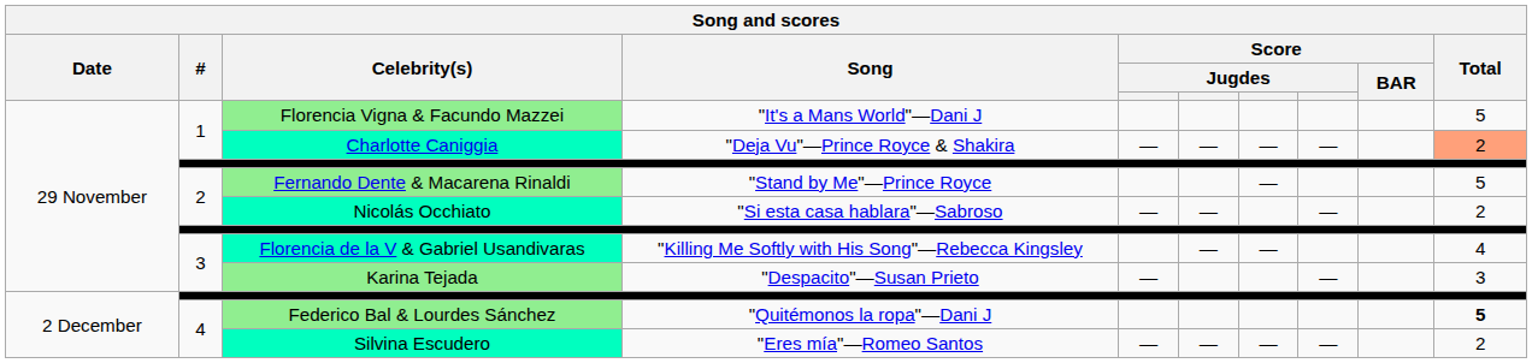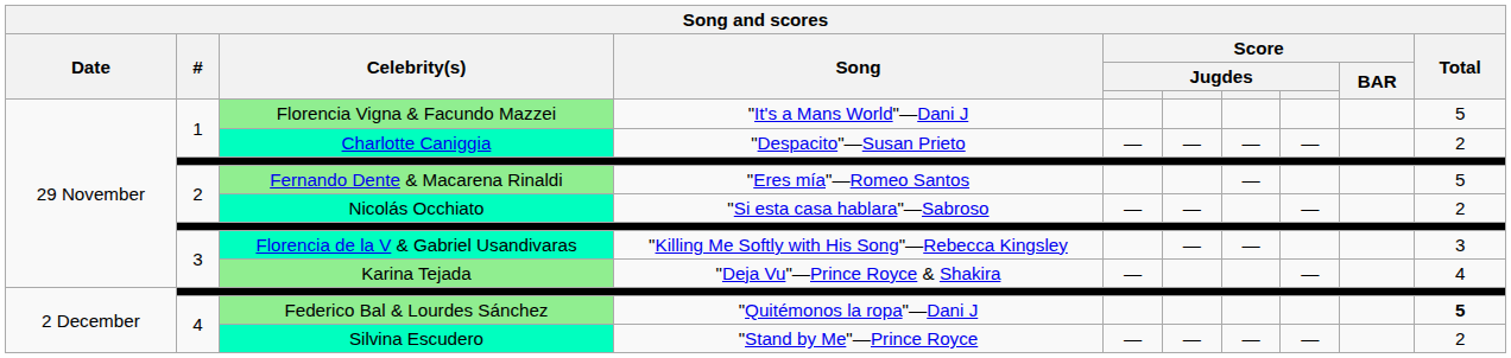 <table class="wikitable collapsible collapsed" style="font-size:95%; text-align: center; width: 100%;">
 <tr>
 <th colspan="11" style="with: 100%;" align=center>Song and scores</th>
 </tr>
 <tr>
 <th rowspan="3" width="100">Date</th>
 <th rowspan="3" width="20">#</th>
 <th rowspan="3" width="240">Celebrity(s)</th>
 <th rowspan="3" width="300">Song</th>
 <th colspan="5">Score</th>
 <th rowspan="3" width="50">Total</th>
 </tr>
 <tr>
 <th colspan="4">Jugdes</th>
 <th rowspan="2" width=40>BAR<br></th>
 </tr>
 <tr>
 <th width=30></th>
 <th width=30></th>
 <th width=30></th>
 <th width=30></th>
 </tr>
 <tr>
 <td rowspan="8">29 November</td>
 <td rowspan="2">1</td>
 <td bgcolor="lightgreen">Florencia Vigna & Facundo Mazzei</td>
 <td>"<a href='#'>It's a Mans World</a>"—<a href='#'>Dani J</a></td>
 <td></td>
 <td></td>
 <td></td>
 <td></td>
 <td> </td>
 <td>5</td>
 </tr>
 <tr>
 <td bgcolor="#00FFBF"><a href='#'>Charlotte Caniggia</a></td>
-<td>"<a href='#'>Deja Vu</a>"—<a href='#'>Prince Royce</a> & <a href='#'>Shakira</a></td>
+<td>"<a href='#'>Despacito</a>"—<a href='#'>Susan Prieto</a></td>
 <td>—</td>
 <td>—</td>
 <td>—</td>
 <td>—</td>
 <td> </td>
-<td style="background: lightsalmon;">2</td>
+<td>2</td>
 </tr>
 <tr>
 <td style="background:black" colspan=19></td>
 </tr>
 <tr>
 <td rowspan="2">2</td>
 <td bgcolor="lightgreen"><a href='#'>Fernando Dente</a> & Macarena Rinaldi</td>
-<td>"<a href='#'>Stand by Me</a>"—<a href='#'>Prince Royce</a></td>
+<td>"<a href='#'>Eres mía</a>"—<a href='#'>Romeo Santos</a></td>
 <td></td>
 <td></td>
 <td>—</td>
 <td></td>
 <td> </td>
 <td>5</td>
 </tr>
 <tr>
 <td bgcolor="#00FFBF">Nicolás Occhiato</td>
 <td>"<a href='#'>Si esta casa hablara</a>"—<a href='#'>Sabroso</a></td>
 <td>—</td>
 <td>—</td>
 <td></td>
 <td>—</td>
 <td> </td>
 <td>2</td>
 </tr>
 <tr>
 <td style="background:black" colspan=19></td>
 </tr>
 <tr>
 <td rowspan="2">3</td>
 <td bgcolor="#00FFBF"><a href='#'>Florencia de la V</a> & Gabriel Usandivaras</td>
 <td>"<a href='#'>Killing Me Softly with His Song</a>"—<a href='#'>Rebecca Kingsley</a></td>
 <td></td>
 <td>—</td>
 <td>—</td>
 <td></td>
 <td> </td>
-<td>4</td>
+<td>3</td>
 </tr>
 <tr>
 <td bgcolor="lightgreen">Karina Tejada</td>
-<td>"<a href='#'>Despacito</a>"—<a href='#'>Susan Prieto</a></td>
+<td>"<a href='#'>Deja Vu</a>"—<a href='#'>Prince Royce</a> & <a href='#'>Shakira</a></td>
 <td>—</td>
 <td></td>
 <td></td>
 <td>—</td>
 <td> </td>
-<td>3</td>
+<td>4</td>
 </tr>
 <tr>
 <td rowspan="4">2 December</td>
 </tr>
 <tr>
 <td style="background:black" colspan=19></td>
 </tr>
 <tr>
 <td rowspan="2">4</td>
 <td bgcolor="lightgreen">Federico Bal & Lourdes Sánchez</td>
 <td>"<a href='#'>Quitémonos la ropa</a>"—<a href='#'>Dani J</a></td>
 <td></td>
 <td></td>
 <td></td>
 <td></td>
 <td> </td>
 <td><strong>5</strong></td>
 </tr>
 <tr>
 <td bgcolor="#00FFBF">Silvina Escudero</td>
-<td>"<a href='#'>Eres mía</a>"—<a href='#'>Romeo Santos</a></td>
+<td>"<a href='#'>Stand by Me</a>"—<a href='#'>Prince Royce</a></td>
 <td>—</td>
 <td>—</td>
 <td>—</td>
 <td>—</td>
 <td> </td>
 <td>2</td>
 </tr>
 </table>
